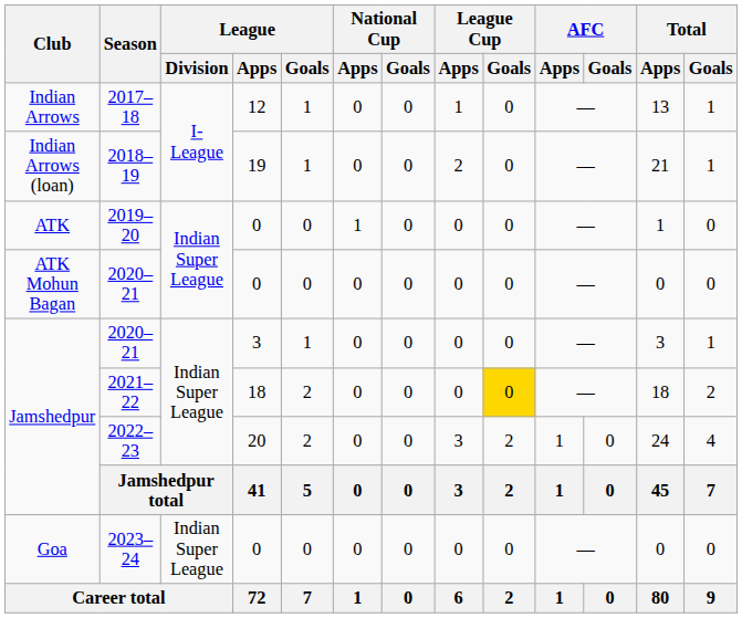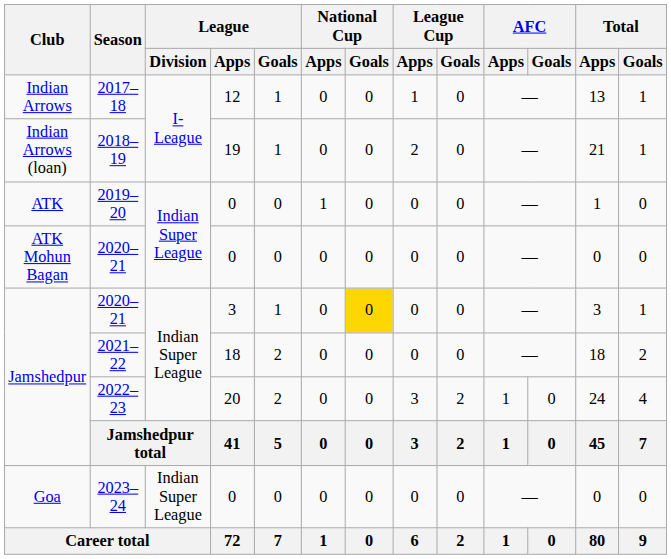 <table class="wikitable" style="text-align: center;">
 <tr>
 <th rowspan="2">Club</th>
 <th rowspan="2">Season</th>
 <th colspan="3">League</th>
 <th colspan="2">National Cup</th>
 <th colspan="2">League Cup</th>
 <th colspan="2"><a href='#'>AFC</a></th>
 <th colspan="2">Total</th>
 </tr>
 <tr>
 <th>Division</th>
 <th>Apps</th>
 <th>Goals</th>
 <th>Apps</th>
 <th>Goals</th>
 <th>Apps</th>
 <th>Goals</th>
 <th>Apps</th>
 <th>Goals</th>
 <th>Apps</th>
 <th>Goals</th>
 </tr>
 <tr>
 <td rowspan="1"><a href='#'>Indian Arrows</a></td>
 <td><a href='#'>2017–18</a></td>
 <td rowspan="2"><a href='#'>I-League</a></td>
 <td>12</td>
 <td>1</td>
 <td>0</td>
 <td>0</td>
 <td>1</td>
 <td>0</td>
 <td colspan="2">—</td>
 <td>13</td>
 <td>1</td>
 </tr>
 <tr>
 <td rowspan="1"><a href='#'>Indian Arrows</a> (loan)</td>
 <td><a href='#'>2018–19</a></td>
 <td>19</td>
 <td>1</td>
 <td>0</td>
 <td>0</td>
 <td>2</td>
 <td>0</td>
 <td colspan="2">—</td>
 <td>21</td>
 <td>1</td>
 </tr>
 <tr>
 <td rowspan="1"><a href='#'>ATK</a></td>
 <td><a href='#'>2019–20</a></td>
 <td rowspan="2"><a href='#'>Indian Super League</a></td>
 <td>0</td>
 <td>0</td>
 <td>1</td>
 <td>0</td>
 <td>0</td>
 <td>0</td>
 <td colspan="2">—</td>
 <td>1</td>
 <td>0</td>
 </tr>
 <tr>
 <td rowspan="1"><a href='#'>ATK Mohun Bagan</a></td>
 <td><a href='#'>2020–21</a></td>
 <td>0</td>
 <td>0</td>
 <td>0</td>
 <td>0</td>
 <td>0</td>
 <td>0</td>
 <td colspan="2">—</td>
 <td>0</td>
 <td>0</td>
 </tr>
 <tr>
 <td rowspan="4"><a href='#'>Jamshedpur</a></td>
 <td><a href='#'>2020–21</a></td>
 <td rowspan="3">Indian Super League</td>
 <td>3</td>
 <td>1</td>
 <td>0</td>
-<td>0</td>
+<td style="background: gold;">0</td>
 <td>0</td>
 <td>0</td>
 <td colspan="2">—</td>
 <td>3</td>
 <td>1</td>
 </tr>
 <tr>
 <td><a href='#'>2021–22</a></td>
 <td>18</td>
 <td>2</td>
 <td>0</td>
 <td>0</td>
 <td>0</td>
-<td style="background: gold;">0</td>
+<td>0</td>
 <td colspan="2">—</td>
 <td>18</td>
 <td>2</td>
 </tr>
 <tr>
 <td><a href='#'>2022–23</a></td>
 <td>20</td>
 <td>2</td>
 <td>0</td>
 <td>0</td>
 <td>3</td>
 <td>2</td>
 <td>1</td>
 <td>0</td>
 <td>24</td>
 <td>4</td>
 </tr>
 <tr>
 <th colspan="2">Jamshedpur total</th>
 <th>41</th>
 <th>5</th>
 <th>0</th>
 <th>0</th>
 <th>3</th>
 <th>2</th>
 <th>1</th>
 <th>0</th>
 <th>45</th>
 <th>7</th>
 </tr>
 <tr>
 <td rowspan="1"><a href='#'>Goa</a></td>
 <td><a href='#'>2023–24</a></td>
 <td rowspan="1">Indian Super League</td>
 <td>0</td>
 <td>0</td>
 <td>0</td>
 <td>0</td>
 <td>0</td>
 <td>0</td>
 <td colspan="2">—</td>
 <td>0</td>
 <td>0</td>
 </tr>
 <tr>
 <th colspan="3">Career total</th>
 <th>72</th>
 <th>7</th>
 <th>1</th>
 <th>0</th>
 <th>6</th>
 <th>2</th>
 <th>1</th>
 <th>0</th>
 <th>80</th>
 <th>9</th>
 </tr>
 </table>
